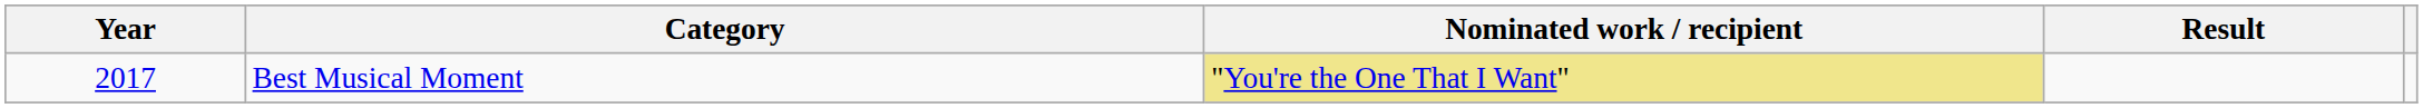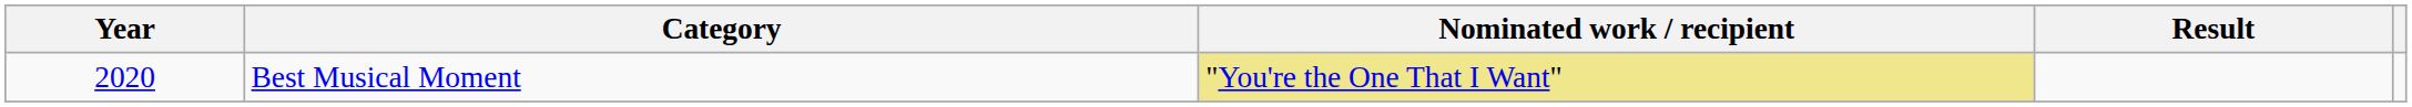 <table width="80%" class="wikitable">
 <tr>
 <th style="width:10%;">Year</th>
 <th style="width:40%;">Category</th>
 <th style="width:35%;">Nominated work / recipient</th>
 <th style="width:15%;">Result</th>
 <th></th>
 </tr>
 <tr>
-<td style="text-align:center;"><a href='#'>2017</a></td>
+<td style="text-align:center;"><a href='#'>2020</a></td>
 <td><a href='#'>Best Musical Moment</a> </td>
 <td style="background: khaki;">"<a href='#'>You're the One That I Want</a>"</td>
 <td></td>
 <td style="text-align:center;"></td>
 </tr>
 </table>
